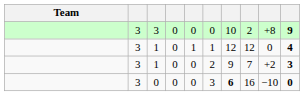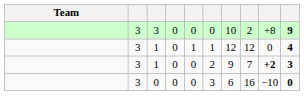 <table class="wikitable" style="text-align: center;">
 <tr>
 <th width="175">Team</th>
 <th width="20"></th>
 <th width="20"></th>
 <th width="20"></th>
 <th width="20"></th>
 <th width="20"></th>
 <th width="20"></th>
 <th width="20"></th>
 <th width="20"></th>
 <th width="20"></th>
 </tr>
 <tr bgcolor=#ccffcc>
 <td align=left></td>
 <td>3</td>
 <td>3</td>
 <td>0</td>
 <td>0</td>
 <td>0</td>
 <td>10</td>
 <td>2</td>
 <td>+8</td>
 <td><strong>9</strong></td>
 </tr>
 <tr>
 <td align=left></td>
 <td>3</td>
 <td>1</td>
 <td>0</td>
 <td>1</td>
 <td>1</td>
 <td>12</td>
 <td>12</td>
 <td>0</td>
 <td><strong>4</strong></td>
 </tr>
 <tr>
 <td align=left></td>
 <td>3</td>
 <td>1</td>
 <td>0</td>
 <td>0</td>
 <td>2</td>
 <td>9</td>
 <td>7</td>
-<td>+2</td>
+<td><strong>+2</strong></td>
 <td><strong>3</strong></td>
 </tr>
 <tr>
 <td align=left></td>
 <td>3</td>
 <td>0</td>
 <td>0</td>
 <td>0</td>
 <td>3</td>
-<td><strong>6</strong></td>
+<td>6</td>
 <td>16</td>
 <td>−10</td>
 <td><strong>0</strong></td>
 </tr>
 </table>
